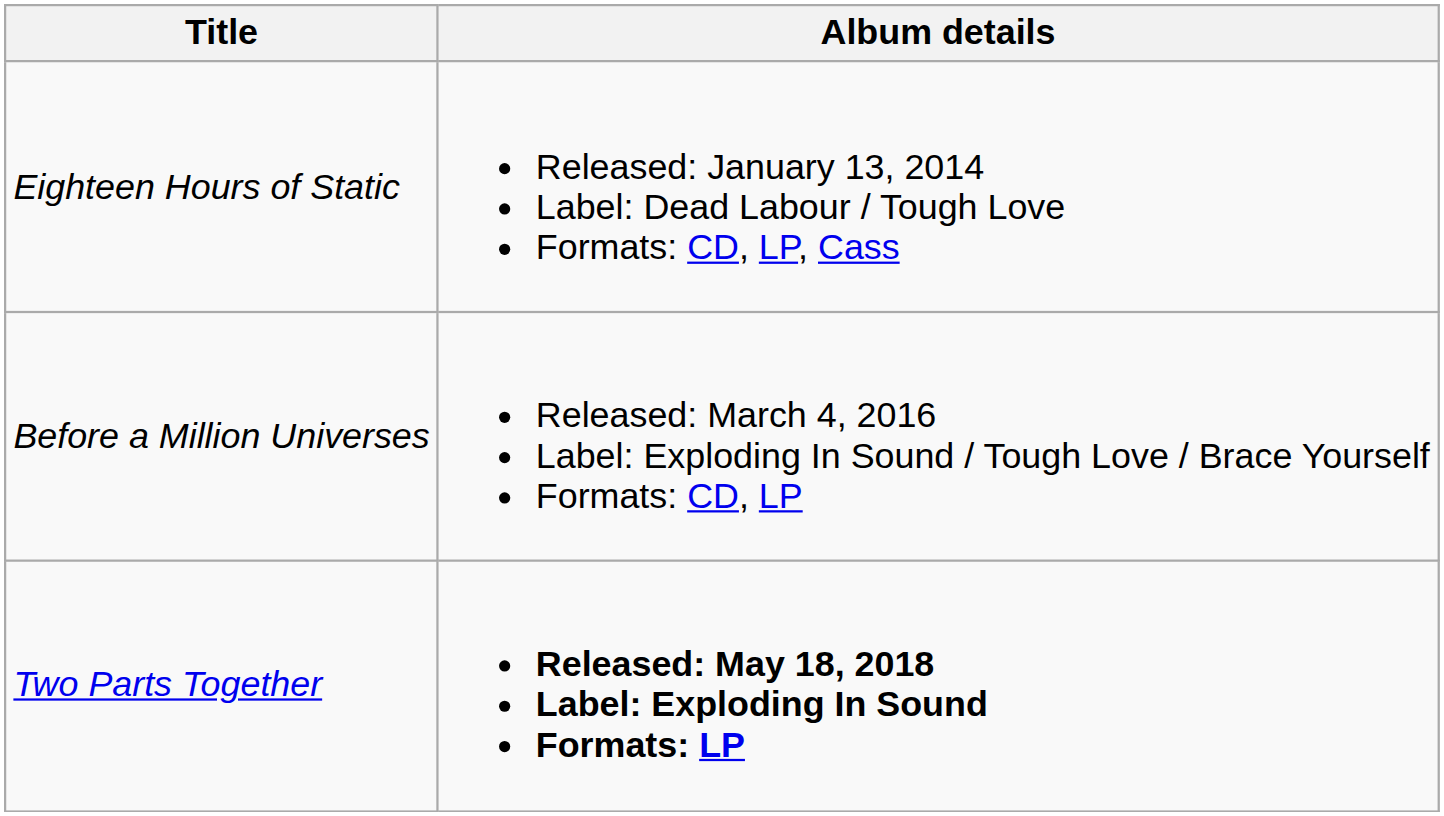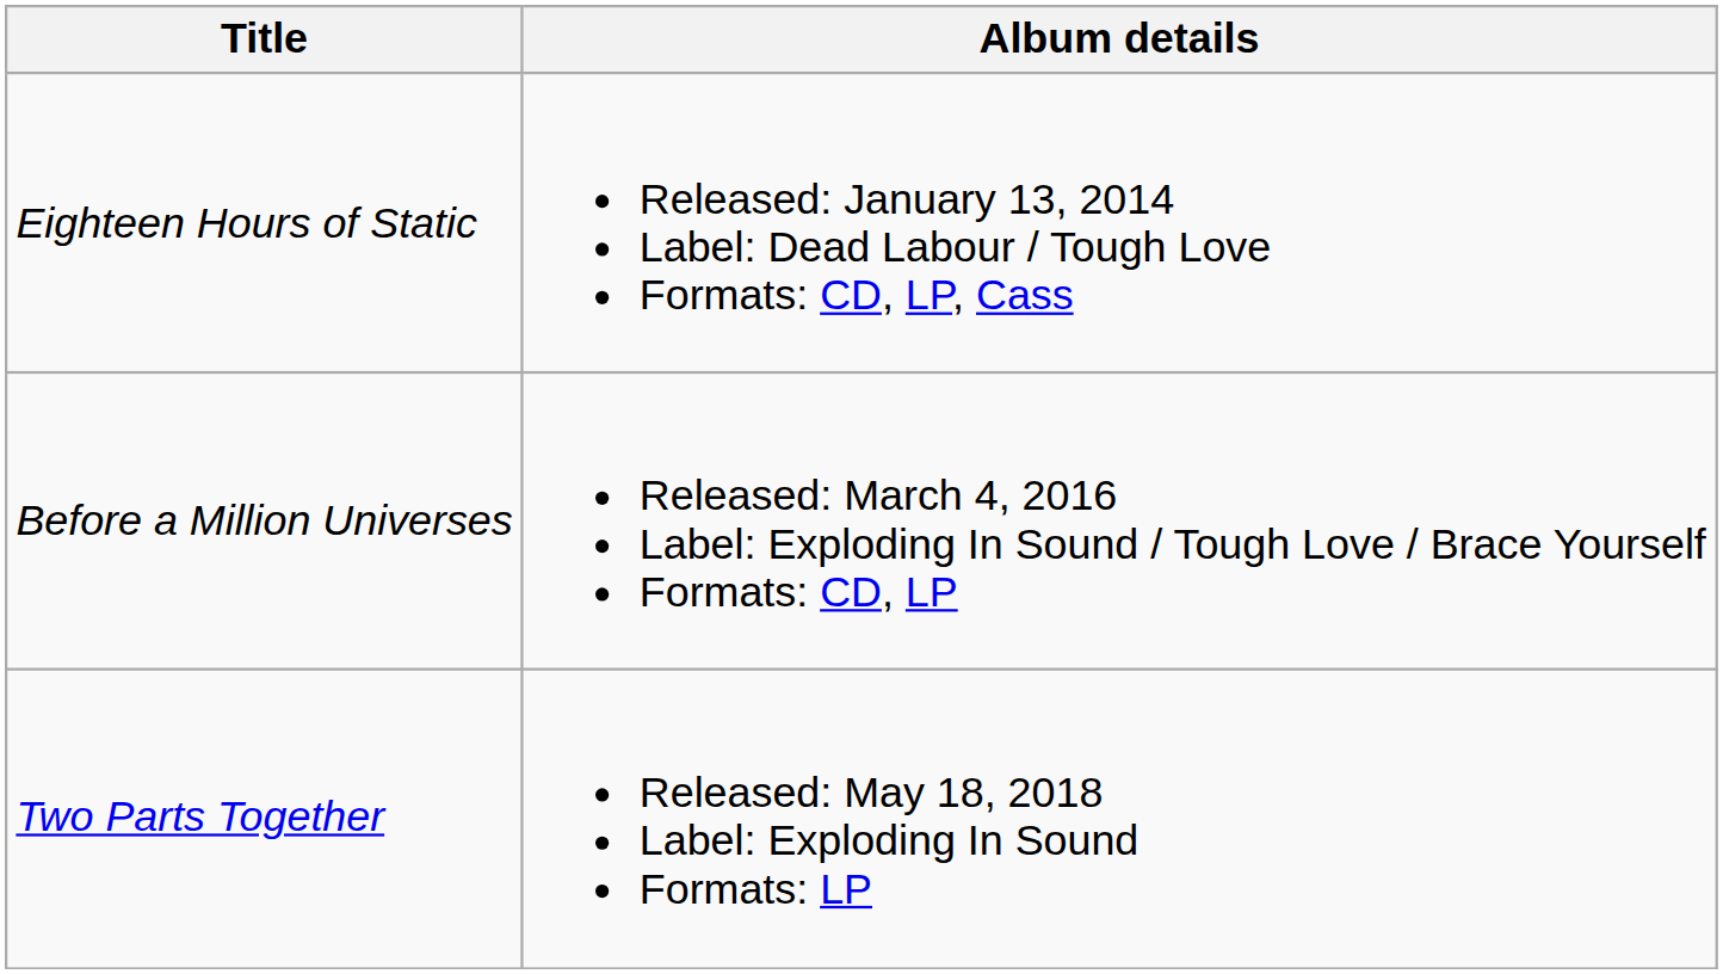 <table class="wikitable">
 <tr>
 <th>Title</th>
 <th>Album details</th>
 </tr>
 <tr>
 <td><em>Eighteen Hours of Static</em></td>
 <td><br><ul><li>Released: January 13, 2014</li><li>Label: Dead Labour / Tough Love</li><li>Formats: <a href='#'>CD</a>, <a href='#'>LP</a>, <a href='#'>Cass</a></li></ul></td>
 </tr>
 <tr>
 <td><em>Before a Million Universes</em></td>
 <td><br><ul><li>Released: March 4, 2016</li><li>Label: Exploding In Sound / Tough Love / Brace Yourself</li><li>Formats: <a href='#'>CD</a>, <a href='#'>LP</a></li></ul></td>
 </tr>
 <tr>
 <td><em><a href='#'>Two Parts Together</a></em></td>
-<td><strong><br><ul><li>Released: May 18, 2018</li><li>Label: Exploding In Sound</li><li>Formats: <a href='#'>LP</a></li></ul></strong></td>
+<td><br><ul><li>Released: May 18, 2018</li><li>Label: Exploding In Sound</li><li>Formats: <a href='#'>LP</a></li></ul></td>
 </tr>
 </table>
